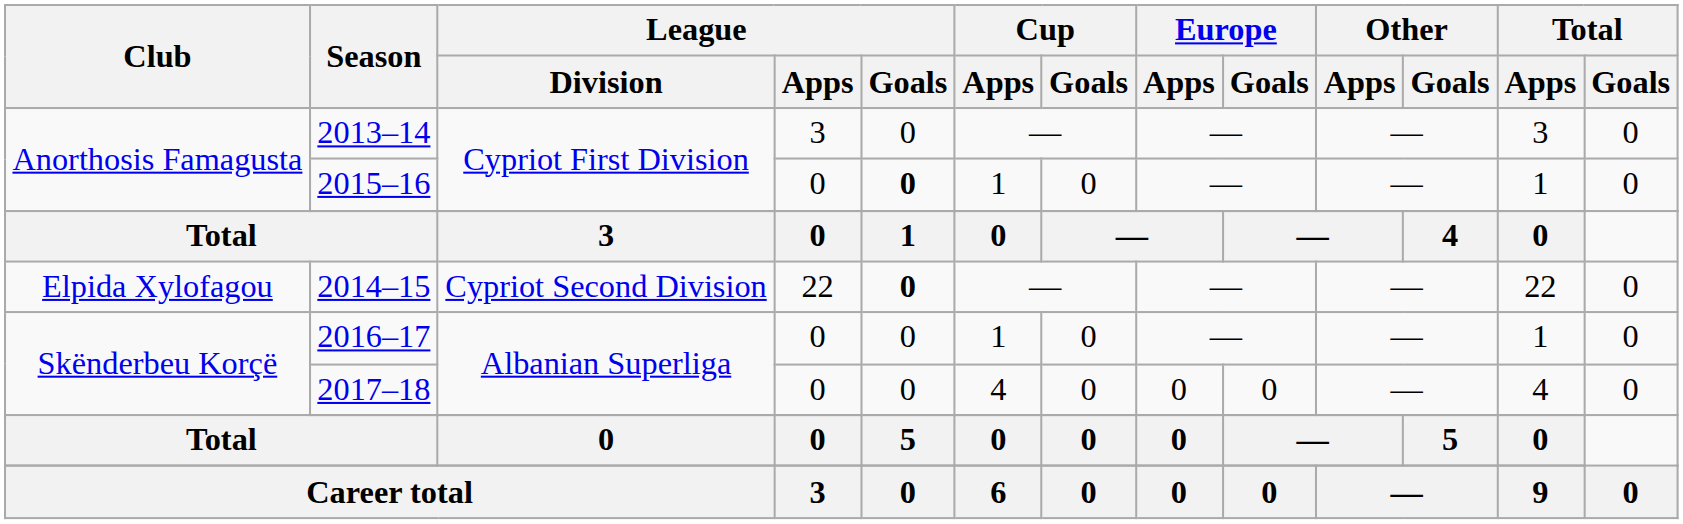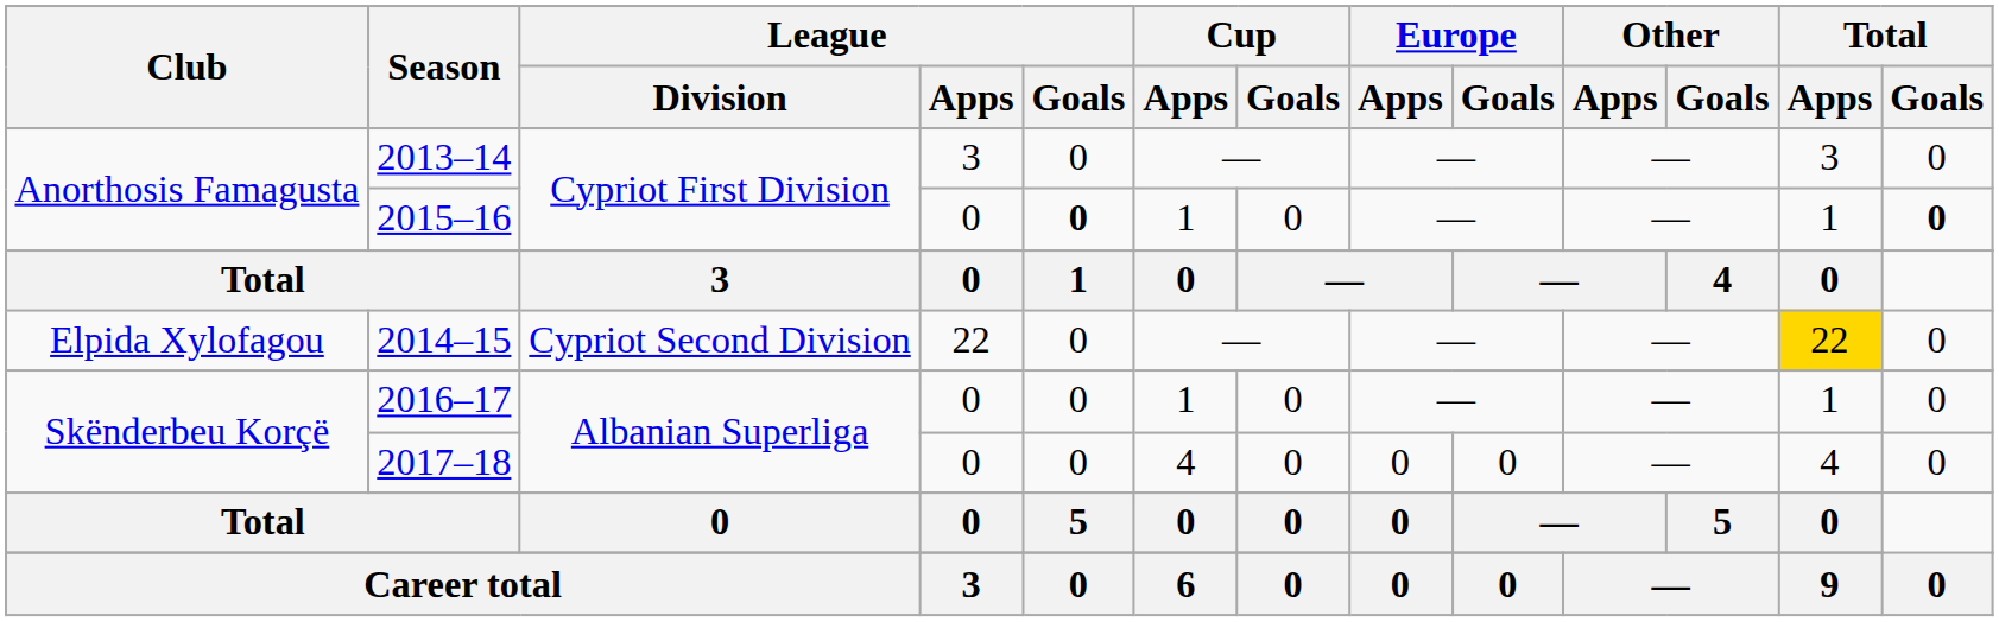 <table class="wikitable" style="text-align:center">
 <tr>
 <th rowspan="2">Club</th>
 <th rowspan="2">Season</th>
 <th colspan="3">League</th>
 <th colspan="2">Cup</th>
 <th colspan="2"><a href='#'>Europe</a></th>
 <th colspan="2">Other</th>
 <th colspan="2">Total</th>
 </tr>
 <tr>
 <th>Division</th>
 <th>Apps</th>
 <th>Goals</th>
 <th>Apps</th>
 <th>Goals</th>
 <th>Apps</th>
 <th>Goals</th>
 <th>Apps</th>
 <th>Goals</th>
 <th>Apps</th>
 <th>Goals</th>
 </tr>
 <tr>
 <td rowspan="3" valign="center"><a href='#'>Anorthosis Famagusta</a></td>
 <td><a href='#'>2013–14</a></td>
 <td rowspan="2"><a href='#'>Cypriot First Division</a></td>
 <td>3</td>
 <td>0</td>
 <td colspan="2">—</td>
 <td colspan="2">—</td>
 <td colspan="2">—</td>
 <td>3</td>
 <td>0</td>
 </tr>
 <tr>
 <td><a href='#'>2015–16</a></td>
 <td>0</td>
 <td><strong>0</strong></td>
 <td>1</td>
 <td>0</td>
 <td colspan="2">—</td>
 <td colspan="2">—</td>
 <td>1</td>
-<td>0</td>
+<td><strong>0</strong></td>
 </tr>
 <tr>
 </tr>
 <tr>
 <th colspan="2" valign="center">Total</th>
 <th>3</th>
 <th>0</th>
 <th>1</th>
 <th>0</th>
 <th colspan="2">—</th>
 <th colspan="2">—</th>
 <th>4</th>
 <th>0</th>
 </tr>
 <tr>
 <td rowspan="1" valign="center"><a href='#'>Elpida Xylofagou</a></td>
 <td><a href='#'>2014–15</a></td>
 <td rowspan="1"><a href='#'>Cypriot Second Division</a></td>
 <td>22</td>
-<td><strong>0</strong></td>
+<td>0</td>
 <td colspan="2">—</td>
 <td colspan="2">—</td>
 <td colspan="2">—</td>
-<td>22</td>
+<td style="background: gold;">22</td>
 <td>0</td>
 </tr>
 <tr>
 <td rowspan="3" valign="center"><a href='#'>Skënderbeu Korçë</a></td>
 <td><a href='#'>2016–17</a></td>
 <td rowspan="2"><a href='#'>Albanian Superliga</a></td>
 <td>0</td>
 <td>0</td>
 <td>1</td>
 <td>0</td>
 <td colspan="2">—</td>
 <td colspan="2">—</td>
 <td>1</td>
 <td>0</td>
 </tr>
 <tr>
 <td><a href='#'>2017–18</a></td>
 <td>0</td>
 <td>0</td>
 <td>4</td>
 <td>0</td>
 <td>0</td>
 <td>0</td>
 <td colspan="2">—</td>
 <td>4</td>
 <td>0</td>
 </tr>
 <tr>
 </tr>
 <tr>
 <th colspan="2" valign="center">Total</th>
 <th>0</th>
 <th>0</th>
 <th>5</th>
 <th>0</th>
 <th>0</th>
 <th>0</th>
 <th colspan="2">—</th>
 <th>5</th>
 <th>0</th>
 </tr>
 <tr>
 </tr>
 <tr>
 <th colspan="3">Career total</th>
 <th>3</th>
 <th>0</th>
 <th>6</th>
 <th>0</th>
 <th>0</th>
 <th>0</th>
 <th colspan="2">—</th>
 <th>9</th>
 <th>0</th>
 </tr>
 </table>
